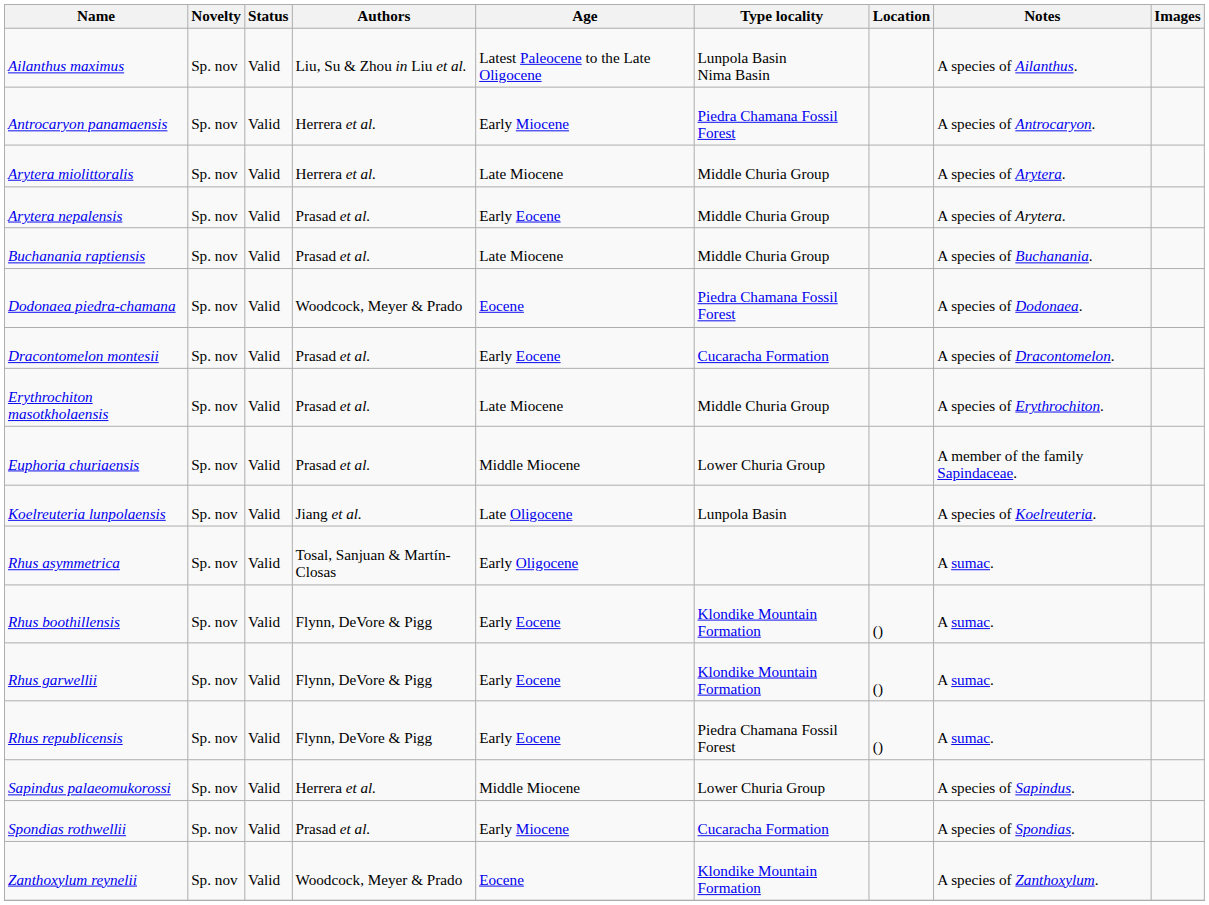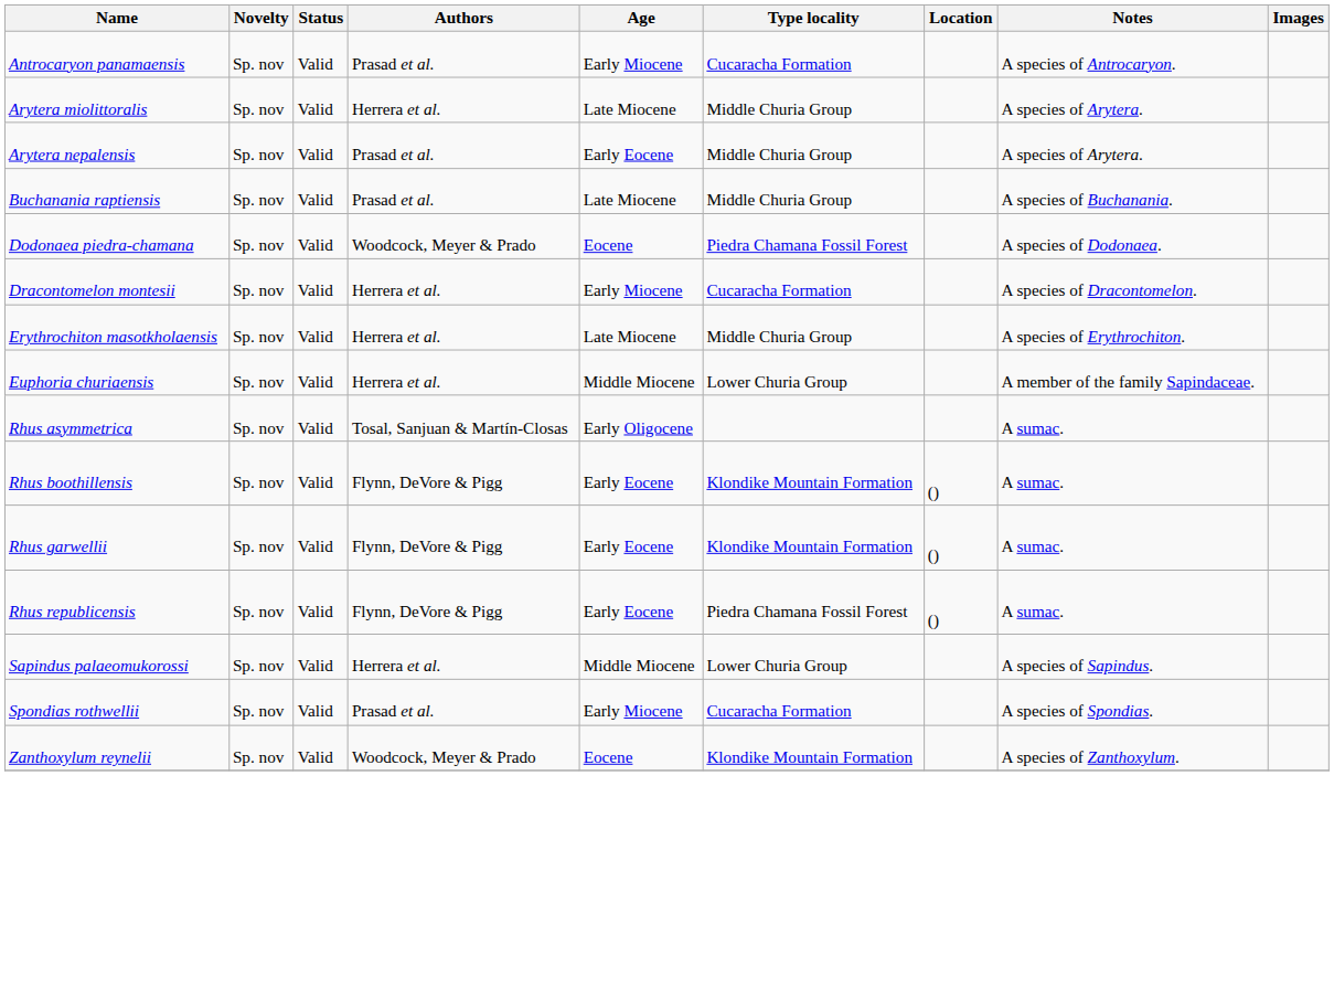 <table class="wikitable sortable" align="center" width="100%">
 <tr>
 <th>Name</th>
 <th>Novelty</th>
 <th>Status</th>
 <th>Authors</th>
 <th>Age</th>
 <th>Type locality</th>
 <th>Location</th>
 <th>Notes</th>
 <th>Images</th>
 </tr>
 <tr>
-<td><br><em><a href='#'>Ailanthus maximus</a></em></td>
-<td><br>Sp. nov</td>
-<td><br>Valid</td>
-<td><br>Liu, Su & Zhou <em>in</em> Liu <em>et al.</em></td>
-<td><br>Latest <a href='#'>Paleocene</a> to the Late <a href='#'>Oligocene</a></td>
-<td><br>Lunpola Basin<br> Nima Basin</td>
-<td><br></td>
-<td><br>A species of <em><a href='#'>Ailanthus</a></em>.</td>
-<td></td>
-</tr>
-<tr>
 <td><br><em><a href='#'>Antrocaryon panamaensis</a></em></td>
 <td><br>Sp. nov</td>
 <td><br>Valid</td>
-<td><br>Herrera <em>et al.</em></td>
+<td><br>Prasad <em>et al.</em></td>
 <td><br>Early <a href='#'>Miocene</a></td>
-<td><br><a href='#'>Piedra Chamana Fossil Forest</a></td>
+<td><br><a href='#'>Cucaracha Formation</a></td>
 <td><br></td>
 <td><br>A species of <em><a href='#'>Antrocaryon</a></em>.</td>
 <td></td>
 </tr>
 <tr>
 <td><br><em><a href='#'>Arytera miolittoralis</a></em></td>
 <td><br>Sp. nov</td>
 <td><br>Valid</td>
 <td><br>Herrera <em>et al.</em></td>
 <td><br>Late Miocene</td>
 <td><br>Middle Churia Group</td>
 <td><br></td>
 <td><br>A species of <em><a href='#'>Arytera</a></em>.</td>
 <td></td>
 </tr>
 <tr>
 <td><br><em><a href='#'>Arytera nepalensis</a></em></td>
 <td><br>Sp. nov</td>
 <td><br>Valid</td>
 <td><br>Prasad <em>et al.</em></td>
 <td><br>Early <a href='#'>Eocene</a></td>
 <td><br>Middle Churia Group</td>
 <td><br></td>
 <td><br>A species of <em>Arytera</em>.</td>
 <td></td>
 </tr>
 <tr>
 <td><br><em><a href='#'>Buchanania raptiensis</a></em></td>
 <td><br>Sp. nov</td>
 <td><br>Valid</td>
 <td><br>Prasad <em>et al.</em></td>
 <td><br>Late Miocene</td>
 <td><br>Middle Churia Group</td>
 <td><br></td>
 <td><br>A species of <em><a href='#'>Buchanania</a></em>.</td>
 <td></td>
 </tr>
 <tr>
 <td><br><em><a href='#'>Dodonaea piedra-chamana</a></em></td>
 <td><br>Sp. nov</td>
 <td><br>Valid</td>
 <td><br>Woodcock, Meyer & Prado</td>
 <td><br><a href='#'>Eocene</a></td>
 <td><br><a href='#'>Piedra Chamana Fossil Forest</a></td>
 <td><br></td>
 <td><br>A species of <em><a href='#'>Dodonaea</a></em>.</td>
 <td></td>
 </tr>
 <tr>
 <td><br><em><a href='#'>Dracontomelon montesii</a></em></td>
 <td><br>Sp. nov</td>
 <td><br>Valid</td>
-<td><br>Prasad <em>et al.</em></td>
-<td><br>Early <a href='#'>Eocene</a></td>
+<td><br>Herrera <em>et al.</em></td>
+<td><br>Early <a href='#'>Miocene</a></td>
 <td><br><a href='#'>Cucaracha Formation</a></td>
 <td><br></td>
 <td><br>A species of <em><a href='#'>Dracontomelon</a></em>.</td>
 <td></td>
 </tr>
 <tr>
 <td><br><em><a href='#'>Erythrochiton masotkholaensis</a></em></td>
 <td><br>Sp. nov</td>
 <td><br>Valid</td>
-<td><br>Prasad <em>et al.</em></td>
+<td><br>Herrera <em>et al.</em></td>
 <td><br>Late Miocene</td>
 <td><br>Middle Churia Group</td>
 <td><br></td>
 <td><br>A species of <em><a href='#'>Erythrochiton</a></em>.</td>
 <td></td>
 </tr>
 <tr>
 <td><br><em><a href='#'>Euphoria churiaensis</a></em></td>
 <td><br>Sp. nov</td>
 <td><br>Valid</td>
-<td><br>Prasad <em>et al.</em></td>
+<td><br>Herrera <em>et al.</em></td>
 <td><br>Middle Miocene</td>
 <td><br>Lower Churia Group</td>
 <td><br></td>
 <td><br>A member of the family <a href='#'>Sapindaceae</a>.</td>
-<td></td>
-</tr>
-<tr>
-<td><br><em><a href='#'>Koelreuteria lunpolaensis</a></em></td>
-<td><br>Sp. nov</td>
-<td><br>Valid</td>
-<td><br>Jiang <em>et al.</em></td>
-<td><br>Late <a href='#'>Oligocene</a></td>
-<td><br>Lunpola Basin</td>
-<td><br></td>
-<td><br>A species of <em><a href='#'>Koelreuteria</a></em>.</td>
 <td></td>
 </tr>
 <tr>
 <td><br><em><a href='#'>Rhus asymmetrica</a></em></td>
 <td><br>Sp. nov</td>
 <td><br>Valid</td>
 <td><br>Tosal, Sanjuan & Martín-Closas</td>
 <td><br>Early <a href='#'>Oligocene</a></td>
 <td></td>
 <td><br></td>
 <td><br>A <a href='#'>sumac</a>.</td>
 <td></td>
 </tr>
 <tr>
 <td><br><em><a href='#'>Rhus boothillensis</a></em></td>
 <td><br>Sp. nov</td>
 <td><br>Valid</td>
 <td><br>Flynn, DeVore & Pigg</td>
 <td><br>Early <a href='#'>Eocene</a></td>
 <td><br><a href='#'>Klondike Mountain Formation</a></td>
 <td><br><br>()</td>
 <td><br>A <a href='#'>sumac</a>.</td>
 <td><br></td>
 </tr>
 <tr>
 <td><br><em><a href='#'>Rhus garwellii</a></em></td>
 <td><br>Sp. nov</td>
 <td><br>Valid</td>
 <td><br>Flynn, DeVore & Pigg</td>
 <td><br>Early <a href='#'>Eocene</a></td>
 <td><br><a href='#'>Klondike Mountain Formation</a></td>
 <td><br><br>()</td>
 <td><br>A <a href='#'>sumac</a>.</td>
 <td><br></td>
 </tr>
 <tr>
 <td><br><em><a href='#'>Rhus republicensis</a></em></td>
 <td><br>Sp. nov</td>
 <td><br>Valid</td>
 <td><br>Flynn, DeVore & Pigg</td>
 <td><br>Early <a href='#'>Eocene</a></td>
 <td><br>Piedra Chamana Fossil Forest</td>
 <td><br><br>()</td>
 <td><br>A <a href='#'>sumac</a>.</td>
 <td></td>
 </tr>
 <tr>
 <td><br><em><a href='#'>Sapindus palaeomukorossi</a></em></td>
 <td><br>Sp. nov</td>
 <td><br>Valid</td>
 <td><br>Herrera <em>et al.</em></td>
 <td><br>Middle Miocene</td>
 <td><br>Lower Churia Group</td>
 <td><br></td>
 <td><br>A species of <em><a href='#'>Sapindus</a></em>.</td>
 <td></td>
 </tr>
 <tr>
 <td><br><em><a href='#'>Spondias rothwellii</a></em></td>
 <td><br>Sp. nov</td>
 <td><br>Valid</td>
 <td><br>Prasad <em>et al.</em></td>
 <td><br>Early <a href='#'>Miocene</a></td>
 <td><br><a href='#'>Cucaracha Formation</a></td>
 <td><br></td>
 <td><br>A species of <em><a href='#'>Spondias</a></em>.</td>
 <td></td>
 </tr>
 <tr>
 <td><br><em><a href='#'>Zanthoxylum reynelii</a></em></td>
 <td><br>Sp. nov</td>
 <td><br>Valid</td>
 <td><br>Woodcock, Meyer & Prado</td>
 <td><br><a href='#'>Eocene</a></td>
 <td><br><a href='#'>Klondike Mountain Formation</a></td>
 <td><br></td>
 <td><br>A species of <em><a href='#'>Zanthoxylum</a></em>.</td>
 <td></td>
 </tr>
 <tr>
 </tr>
 </table>
